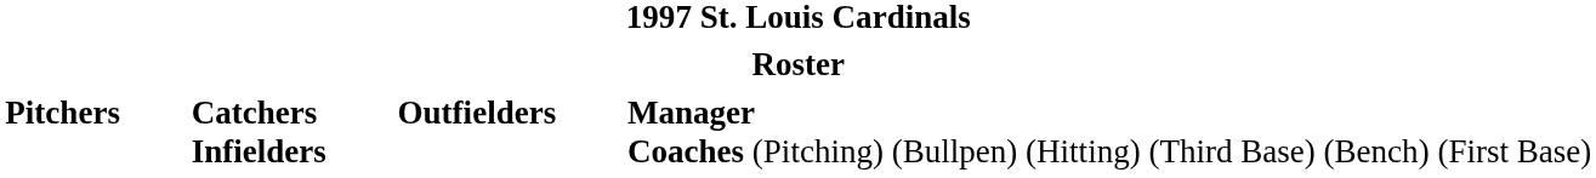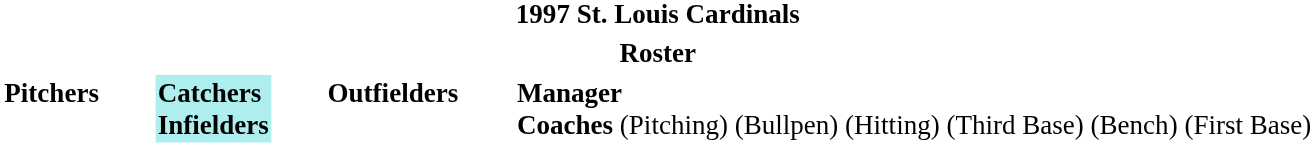 <table class="toccolours" style="font-size: 95%;">
 <tr>
 <th colspan="10" style="text-align:center; ">1997 St. Louis Cardinals</th>
 </tr>
 <tr>
 <td colspan="10" style="text-align:center; "><strong>Roster</strong></td>
 </tr>
 <tr>
 <td valign="top"><strong>Pitchers</strong><br>                       </td>
 <td width="25px"></td>
-<td valign="top"><strong>Catchers</strong><br>    <strong>Infielders</strong>              </td>
+<td valign="top" style="background: paleturquoise;"><strong>Catchers</strong><br>    <strong>Infielders</strong>              </td>
 <td width="25px"></td>
 <td valign="top"><strong>Outfielders</strong><br>        </td>
 <td width="25px"></td>
 <td valign="top"><strong>Manager</strong><br> <strong>Coaches</strong>  (Pitching)  (Bullpen)  (Hitting)  (Third Base)  (Bench)  (First Base)</td>
 </tr>
 </table>
